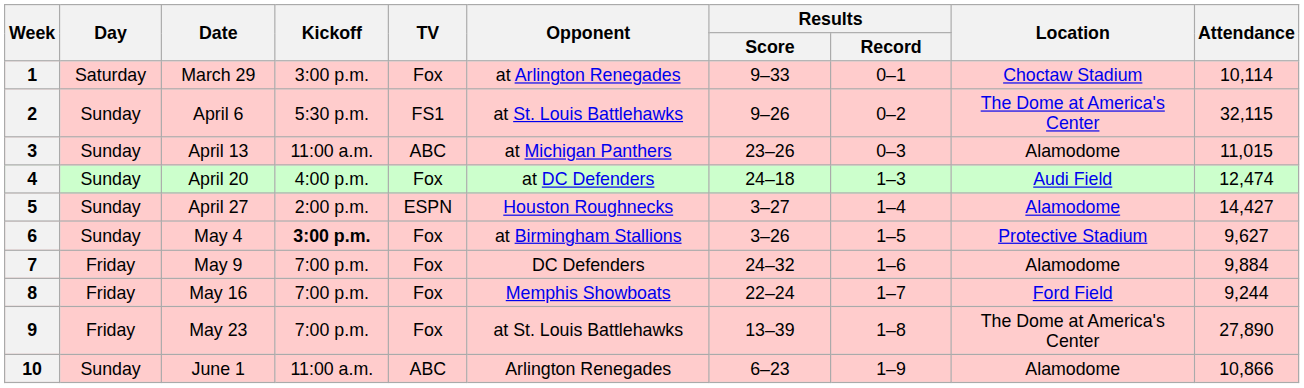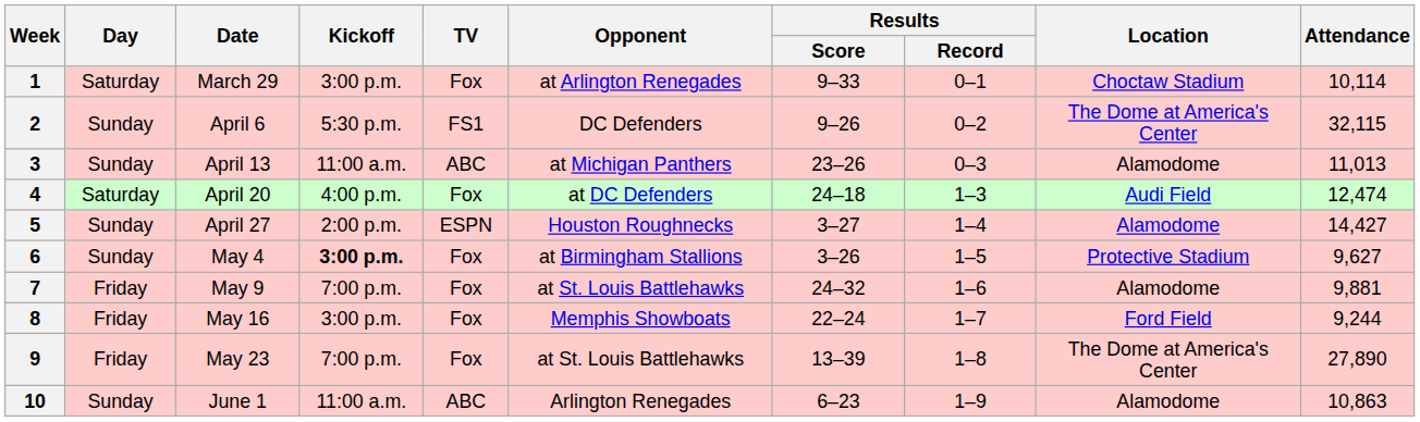 <table class="wikitable" style="text-align:center; font-size: 95%;">
 <tr>
 <th rowspan="2" width="40">Week</th>
 <th rowspan="2" width="80">Day</th>
 <th rowspan="2" width="90">Date</th>
 <th rowspan="2" width="90">Kickoff</th>
 <th rowspan="2" width="60">TV</th>
 <th rowspan="2" width="200">Opponent</th>
 <th colspan="2" width="200">Results</th>
 <th rowspan="2" width="200">Location</th>
 <th rowspan="2">Attendance</th>
 </tr>
 <tr>
 <th width="60">Score</th>
 <th width="60">Record</th>
 </tr>
 <tr style="background:#ffcccc">
 <th>1</th>
 <td>Saturday</td>
 <td>March 29</td>
 <td>3:00 p.m.</td>
 <td>Fox</td>
 <td>at <a href='#'>Arlington Renegades</a></td>
 <td>9–33</td>
 <td>0–1</td>
 <td><a href='#'>Choctaw Stadium</a></td>
 <td>10,114</td>
 </tr>
 <tr style="background:#ffcccc">
 <th>2</th>
 <td>Sunday</td>
 <td>April 6</td>
 <td>5:30 p.m.</td>
 <td>FS1</td>
-<td>at <a href='#'>St. Louis Battlehawks</a></td>
+<td>DC Defenders</td>
 <td>9–26</td>
 <td>0–2</td>
 <td><a href='#'>The Dome at America's Center</a></td>
 <td>32,115</td>
 </tr>
 <tr style="background:#ffcccc">
 <th>3</th>
 <td>Sunday</td>
 <td>April 13</td>
 <td>11:00 a.m.</td>
 <td>ABC</td>
 <td>at <a href='#'>Michigan Panthers</a></td>
 <td>23–26</td>
 <td>0–3</td>
 <td>Alamodome</td>
-<td>11,015</td>
+<td>11,013</td>
 </tr>
 <tr style="background:#ccffcc">
 <th>4</th>
-<td>Sunday</td>
+<td>Saturday</td>
 <td>April 20</td>
 <td>4:00 p.m.</td>
 <td>Fox</td>
 <td>at <a href='#'>DC Defenders</a></td>
 <td>24–18</td>
 <td>1–3</td>
 <td><a href='#'>Audi Field</a></td>
 <td>12,474</td>
 </tr>
 <tr style="background:#ffcccc">
 <th>5</th>
 <td>Sunday</td>
 <td>April 27</td>
 <td>2:00 p.m.</td>
 <td>ESPN</td>
 <td><a href='#'>Houston Roughnecks</a></td>
 <td>3–27</td>
 <td>1–4</td>
 <td><a href='#'>Alamodome</a></td>
 <td>14,427</td>
 </tr>
 <tr style="background:#ffcccc">
 <th>6</th>
 <td>Sunday</td>
 <td>May 4</td>
 <td><strong>3:00 p.m.</strong></td>
 <td>Fox</td>
 <td>at <a href='#'>Birmingham Stallions</a></td>
 <td>3–26</td>
 <td>1–5</td>
 <td><a href='#'>Protective Stadium</a></td>
 <td>9,627</td>
 </tr>
 <tr style="background:#ffcccc">
 <th>7</th>
 <td>Friday</td>
 <td>May 9</td>
 <td>7:00 p.m.</td>
 <td>Fox</td>
-<td>DC Defenders</td>
+<td>at <a href='#'>St. Louis Battlehawks</a></td>
 <td>24–32</td>
 <td>1–6</td>
 <td>Alamodome</td>
-<td>9,884</td>
+<td>9,881</td>
 </tr>
 <tr style="background:#ffcccc">
 <th>8</th>
 <td>Friday</td>
 <td>May 16</td>
-<td>7:00 p.m.</td>
+<td>3:00 p.m.</td>
 <td>Fox</td>
 <td><a href='#'>Memphis Showboats</a></td>
 <td>22–24</td>
 <td>1–7</td>
 <td><a href='#'>Ford Field</a></td>
 <td>9,244</td>
 </tr>
 <tr style="background:#ffcccc">
 <th>9</th>
 <td>Friday</td>
 <td>May 23</td>
 <td>7:00 p.m.</td>
 <td>Fox</td>
 <td>at St. Louis Battlehawks</td>
 <td>13–39</td>
 <td>1–8</td>
 <td>The Dome at America's Center</td>
 <td>27,890</td>
 </tr>
 <tr style="background:#ffcccc">
 <th>10</th>
 <td>Sunday</td>
 <td>June 1</td>
 <td>11:00 a.m.</td>
 <td>ABC</td>
 <td>Arlington Renegades</td>
 <td>6–23</td>
 <td>1–9</td>
 <td>Alamodome</td>
-<td>10,866</td>
+<td>10,863</td>
 </tr>
 </table>
